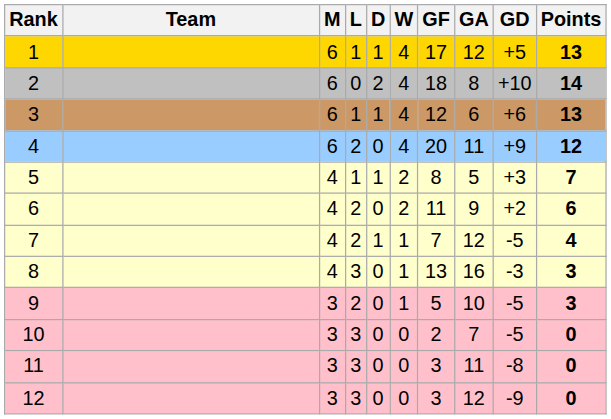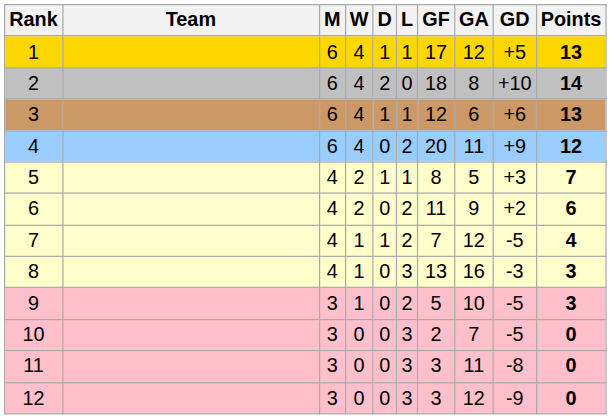 <table class="wikitable sortable" style="text-align:center">
 <tr>
 <th>Rank</th>
 <th width=200>Team</th>
 <th>M</th>
+<th>W</th>
+<th>D</th>
 <th>L</th>
-<th>D</th>
-<th>W</th>
 <th>GF</th>
 <th>GA</th>
 <th>GD</th>
 <th>Points</th>
 </tr>
 <tr bgcolor=gold>
 <td>1</td>
 <td align=left></td>
 <td>6</td>
+<td>4</td>
 <td>1</td>
 <td>1</td>
-<td>4</td>
 <td>17</td>
 <td>12</td>
 <td>+5</td>
 <td><strong>13</strong></td>
 </tr>
 <tr bgcolor=silver>
 <td>2</td>
 <td align=left></td>
 <td>6</td>
+<td>4</td>
+<td>2</td>
 <td>0</td>
-<td>2</td>
-<td>4</td>
 <td>18</td>
 <td>8</td>
 <td>+10</td>
 <td><strong>14</strong></td>
 </tr>
 <tr bgcolor=#cc9966>
 <td>3</td>
 <td align=left></td>
 <td>6</td>
+<td>4</td>
 <td>1</td>
 <td>1</td>
-<td>4</td>
 <td>12</td>
 <td>6</td>
 <td>+6</td>
 <td><strong>13</strong></td>
 </tr>
 <tr bgcolor=#9acdff>
 <td>4</td>
 <td align=left></td>
 <td>6</td>
+<td>4</td>
+<td>0</td>
 <td>2</td>
-<td>0</td>
-<td>4</td>
 <td>20</td>
 <td>11</td>
 <td>+9</td>
 <td><strong>12</strong></td>
 </tr>
 <tr bgcolor=#ffffcc>
 <td>5</td>
 <td align=left></td>
 <td>4</td>
+<td>2</td>
 <td>1</td>
 <td>1</td>
-<td>2</td>
 <td>8</td>
 <td>5</td>
 <td>+3</td>
 <td><strong>7</strong></td>
 </tr>
 <tr bgcolor=#ffffcc>
 <td>6</td>
 <td align=left></td>
 <td>4</td>
 <td>2</td>
 <td>0</td>
 <td>2</td>
 <td>11</td>
 <td>9</td>
 <td>+2</td>
 <td><strong>6</strong></td>
 </tr>
 <tr bgcolor=#ffffcc>
 <td>7</td>
 <td align=left></td>
 <td>4</td>
-<td>2</td>
 <td>1</td>
 <td>1</td>
+<td>2</td>
 <td>7</td>
 <td>12</td>
 <td>-5</td>
 <td><strong>4</strong></td>
 </tr>
 <tr bgcolor=#ffffcc>
 <td>8</td>
 <td align=left></td>
 <td>4</td>
+<td>1</td>
+<td>0</td>
 <td>3</td>
-<td>0</td>
-<td>1</td>
 <td>13</td>
 <td>16</td>
 <td>-3</td>
 <td><strong>3</strong></td>
 </tr>
 <tr bgcolor=pink>
 <td>9</td>
 <td align=left></td>
 <td>3</td>
+<td>1</td>
+<td>0</td>
 <td>2</td>
-<td>0</td>
-<td>1</td>
 <td>5</td>
 <td>10</td>
 <td>-5</td>
 <td><strong>3</strong></td>
 </tr>
 <tr bgcolor=pink>
 <td>10</td>
 <td align=left></td>
 <td>3</td>
-<td>3</td>
 <td>0</td>
 <td>0</td>
+<td>3</td>
 <td>2</td>
 <td>7</td>
 <td>-5</td>
 <td><strong>0</strong></td>
 </tr>
 <tr bgcolor=pink>
 <td>11</td>
 <td align=left></td>
 <td>3</td>
-<td>3</td>
 <td>0</td>
 <td>0</td>
+<td>3</td>
 <td>3</td>
 <td>11</td>
 <td>-8</td>
 <td><strong>0</strong></td>
 </tr>
 <tr bgcolor=pink>
 <td>12</td>
 <td align=left></td>
 <td>3</td>
-<td>3</td>
 <td>0</td>
 <td>0</td>
+<td>3</td>
 <td>3</td>
 <td>12</td>
 <td>-9</td>
 <td><strong>0</strong></td>
 </tr>
 </table>
